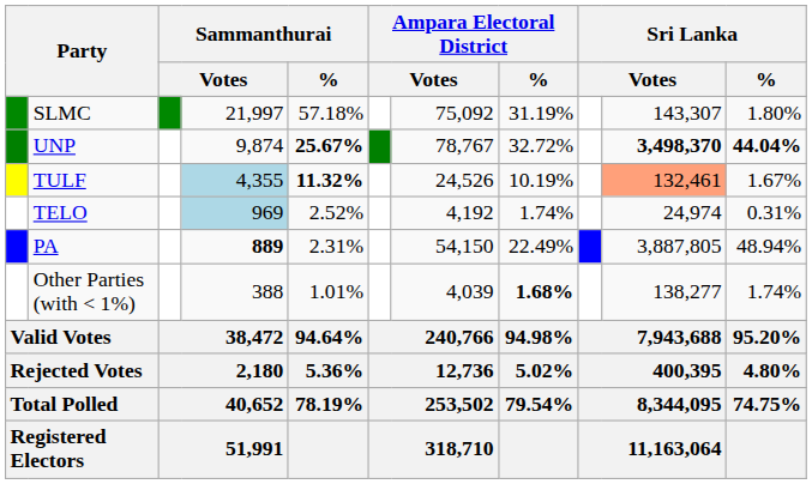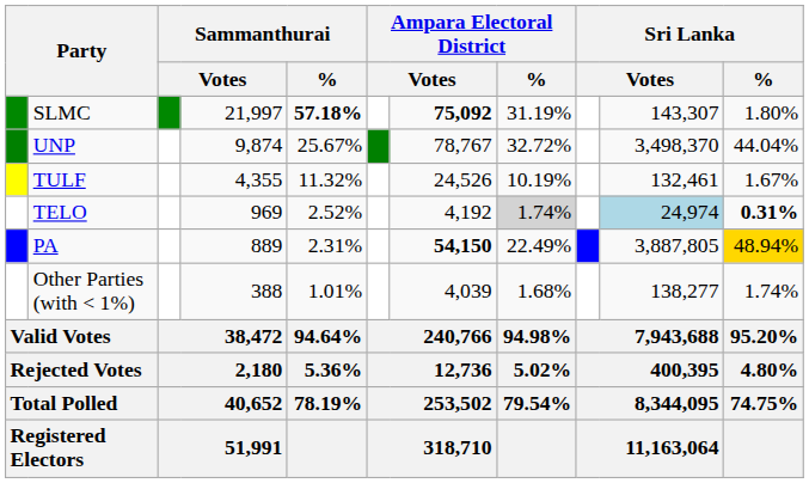 <table class="wikitable">
 <tr>
 <th colspan="2" width="144px"rowspan="2">Party</th>
 <th colspan="3" width="216px">Sammanthurai</th>
 <th colspan="3" width="216px"><a href='#'>Ampara Electoral District</a></th>
 <th colspan="3" width="216px">Sri Lanka</th>
 </tr>
 <tr>
 <th colspan="2" width="144px">Votes</th>
 <th>%</th>
 <th colspan="2" width="144px">Votes</th>
 <th>%</th>
 <th colspan="2" width="144px">Votes</th>
 <th>%</th>
 </tr>
 <tr>
 <td style="background-color:#008800;" width="10px"></td>
 <td style="text-align:left;">SLMC</td>
 <td style="background-color:#008800;" width="10px"></td>
 <td style="text-align:right;">21,997</td>
-<td style="text-align:right;">57.18%</td>
+<td style="text-align:right;"><strong>57.18%</strong></td>
 <td style="background-color:white;" width="10px"></td>
-<td style="text-align:right;">75,092</td>
+<td style="text-align:right;"><strong>75,092</strong></td>
 <td style="text-align:right;">31.19%</td>
 <td style="background-color:white;" width="10px"></td>
 <td style="text-align:right;">143,307</td>
 <td style="text-align:right;">1.80%</td>
 </tr>
 <tr>
 <td style="background-color:green;" width="10px"></td>
 <td style="text-align:left;"><a href='#'>UNP</a></td>
 <td style="background-color:white;" width="10px"></td>
 <td style="text-align:right;">9,874</td>
-<td style="text-align:right;"><strong>25.67%</strong></td>
+<td style="text-align:right;">25.67%</td>
 <td style="background-color:green;" width="10px"></td>
 <td style="text-align:right;">78,767</td>
 <td style="text-align:right;">32.72%</td>
 <td style="background-color:white;" width="10px"></td>
-<td style="text-align:right;"><strong>3,498,370</strong></td>
-<td style="text-align:right;"><strong>44.04%</strong></td>
+<td style="text-align:right;">3,498,370</td>
+<td style="text-align:right;">44.04%</td>
 </tr>
 <tr>
 <td style="background-color:yellow;" width="10px"></td>
 <td style="text-align:left;"><a href='#'>TULF</a></td>
 <td style="background-color:white;" width="10px"></td>
-<td style="background: lightblue; text-align:right;">4,355</td>
-<td style="text-align:right;"><strong>11.32%</strong></td>
+<td style="text-align:right;">4,355</td>
+<td style="text-align:right;">11.32%</td>
 <td style="background-color:white;" width="10px"></td>
 <td style="text-align:right;">24,526</td>
 <td style="text-align:right;">10.19%</td>
 <td style="background-color:white;" width="10px"></td>
-<td style="background: lightsalmon; text-align:right;">132,461</td>
+<td style="text-align:right;">132,461</td>
 <td style="text-align:right;">1.67%</td>
 </tr>
 <tr>
 <td style="background-color:white;" width="10px"></td>
 <td style="text-align:left;"><a href='#'>TELO</a></td>
 <td style="background-color:white;" width="10px"></td>
-<td style="background: lightblue; text-align:right;">969</td>
+<td style="text-align:right;">969</td>
 <td style="text-align:right;">2.52%</td>
 <td style="background-color:white;" width="10px"></td>
 <td style="text-align:right;">4,192</td>
-<td style="text-align:right;">1.74%</td>
+<td style="background: lightgrey; text-align:right;">1.74%</td>
 <td style="background-color:white;" width="10px"></td>
-<td style="text-align:right;">24,974</td>
-<td style="text-align:right;">0.31%</td>
+<td style="background: lightblue; text-align:right;">24,974</td>
+<td style="text-align:right;"><strong>0.31%</strong></td>
 </tr>
 <tr>
 <td style="background-color:blue;" width="10px"></td>
 <td style="text-align:left;"><a href='#'>PA</a></td>
 <td style="background-color:white;" width="10px"></td>
-<td style="text-align:right;"><strong>889</strong></td>
+<td style="text-align:right;">889</td>
 <td style="text-align:right;">2.31%</td>
 <td style="background-color:white;" width="10px"></td>
-<td style="text-align:right;">54,150</td>
+<td style="text-align:right;"><strong>54,150</strong></td>
 <td style="text-align:right;">22.49%</td>
 <td style="background-color:blue;" width="10px"></td>
 <td style="text-align:right;">3,887,805</td>
-<td style="text-align:right;">48.94%</td>
+<td style="background: gold; text-align:right;">48.94%</td>
 </tr>
 <tr>
 <td style="background-color:white;" width="10px"></td>
 <td style="text-align:left;">Other Parties (with < 1%)</td>
 <td style="background-color:white;" width="10px"></td>
 <td style="text-align:right;">388</td>
 <td style="text-align:right;">1.01%</td>
 <td style="background-color:white;" width="10px"></td>
 <td style="text-align:right;">4,039</td>
-<td style="text-align:right;"><strong>1.68%</strong></td>
+<td style="text-align:right;">1.68%</td>
 <td style="background-color:white;" width="10px"></td>
 <td style="text-align:right;">138,277</td>
 <td style="text-align:right;">1.74%</td>
 </tr>
 <tr>
 <th colspan="2" width="144px"style="text-align:left;">Valid Votes</th>
 <th style="text-align:right;"colspan="2" width="144px">38,472</th>
 <th style="text-align:right;">94.64%</th>
 <th style="text-align:right;"colspan="2" width="144px">240,766</th>
 <th style="text-align:right;">94.98%</th>
 <th style="text-align:right;"colspan="2" width="144px">7,943,688</th>
 <th style="text-align:right;">95.20%</th>
 </tr>
 <tr>
 <th colspan="2" width="144px"style="text-align:left;">Rejected Votes</th>
 <th style="text-align:right;"colspan="2" width="144px">2,180</th>
 <th style="text-align:right;">5.36%</th>
 <th style="text-align:right;"colspan="2" width="144px">12,736</th>
 <th style="text-align:right;">5.02%</th>
 <th style="text-align:right;"colspan="2" width="144px">400,395</th>
 <th style="text-align:right;">4.80%</th>
 </tr>
 <tr>
 <th colspan="2" width="144px"style="text-align:left;">Total Polled</th>
 <th style="text-align:right;"colspan="2" width="144px">40,652</th>
 <th style="text-align:right;">78.19%</th>
 <th style="text-align:right;"colspan="2" width="144px">253,502</th>
 <th style="text-align:right;">79.54%</th>
 <th style="text-align:right;"colspan="2" width="144px">8,344,095</th>
 <th style="text-align:right;">74.75%</th>
 </tr>
 <tr>
 <th colspan="2" width="144px"style="text-align:left;">Registered Electors</th>
 <th style="text-align:right;"colspan="2" width="144px">51,991</th>
 <th></th>
 <th style="text-align:right;"colspan="2" width="144px">318,710</th>
 <th></th>
 <th style="text-align:right;"colspan="2" width="144px">11,163,064</th>
 <th></th>
 </tr>
 </table>
